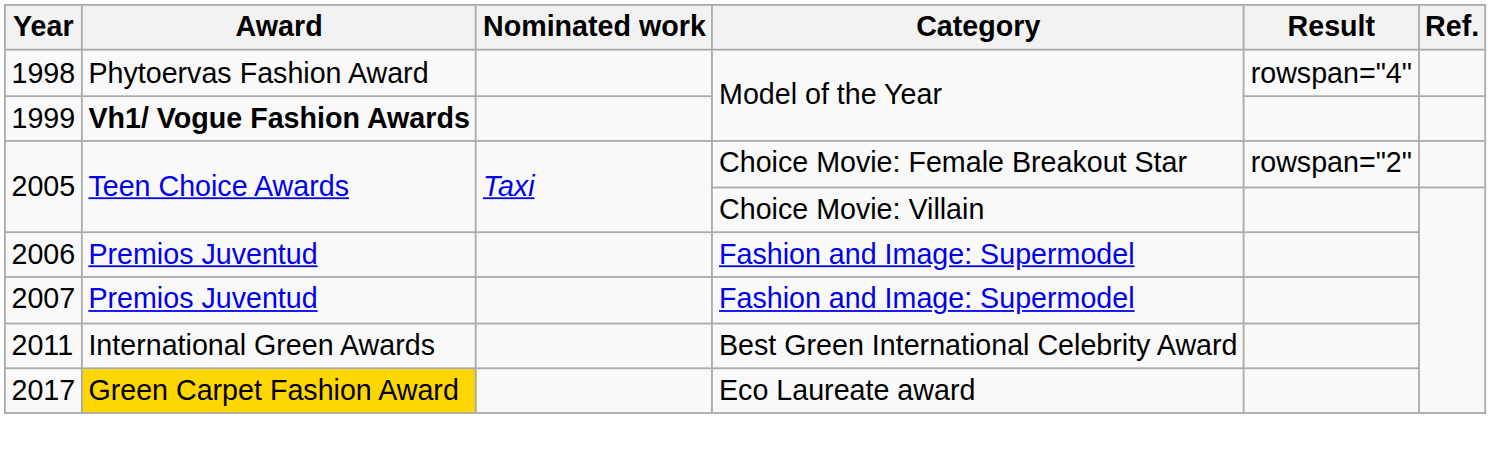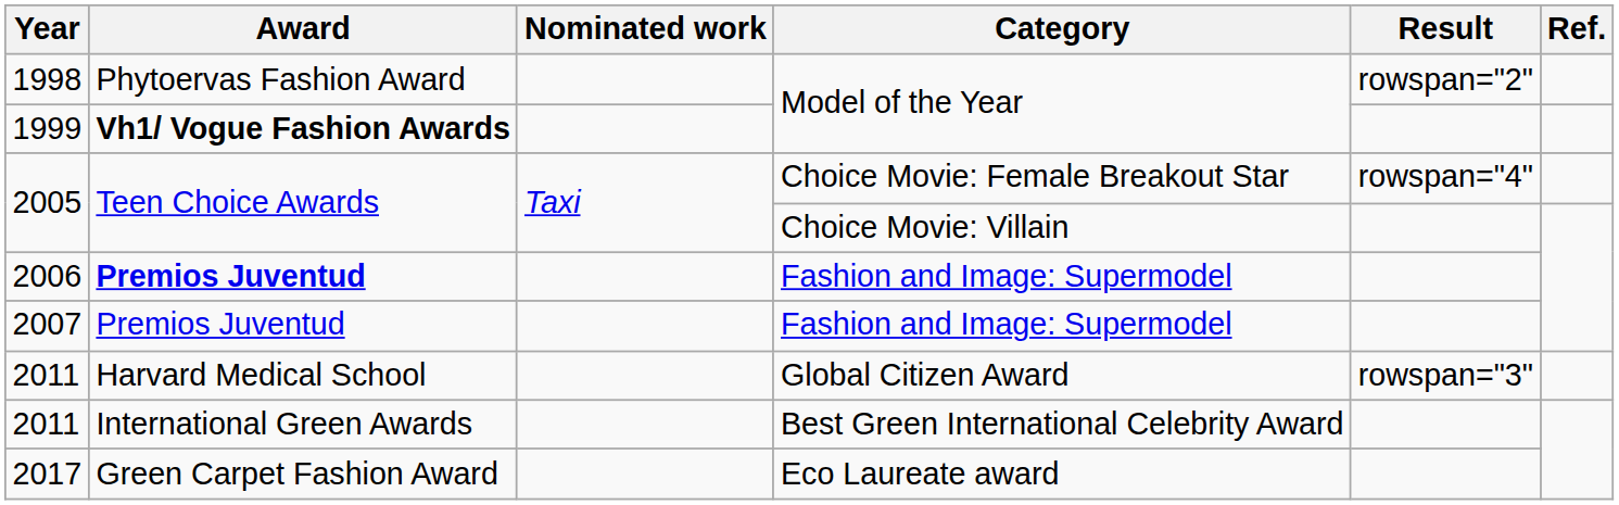 <table class="wikitable">
 <tr>
 <th>Year</th>
 <th>Award</th>
 <th>Nominated work</th>
 <th>Category</th>
 <th>Result</th>
 <th>Ref.</th>
 </tr>
 <tr>
 <td>1998</td>
 <td>Phytoervas Fashion Award</td>
 <td></td>
 <td rowspan="2">Model of the Year</td>
-<td>rowspan="4" </td>
+<td>rowspan="2" </td>
 <td></td>
 </tr>
 <tr>
 <td>1999</td>
 <td><strong>Vh1/ Vogue Fashion Awards</strong></td>
 <td></td>
 <td></td>
 </tr>
 <tr>
 <td rowspan="2">2005</td>
 <td rowspan="2"><a href='#'>Teen Choice Awards</a></td>
 <td rowspan="2"><em><a href='#'>Taxi</a></em></td>
 <td>Choice Movie: Female Breakout Star</td>
-<td>rowspan="2" </td>
+<td>rowspan="4" </td>
 <td></td>
 </tr>
 <tr>
 <td>Choice Movie: Villain</td>
 <td></td>
 </tr>
 <tr>
 <td>2006</td>
-<td><a href='#'>Premios Juventud</a></td>
+<td><strong><a href='#'>Premios Juventud</a></strong></td>
 <td></td>
 <td><a href='#'>Fashion and Image: Supermodel</a></td>
 <td></td>
 </tr>
 <tr>
 <td>2007</td>
 <td><a href='#'>Premios Juventud</a></td>
 <td></td>
 <td><a href='#'>Fashion and Image: Supermodel</a></td>
 <td></td>
 </tr>
 <tr>
 <td>2011</td>
+<td>Harvard Medical School</td>
+<td></td>
+<td>Global Citizen Award</td>
+<td>rowspan="3" </td>
+<td></td>
+</tr>
+<tr>
+<td>2011</td>
 <td>International Green Awards</td>
 <td></td>
 <td>Best Green International Celebrity Award</td>
 <td></td>
 </tr>
 <tr>
 <td>2017</td>
-<td style="background: gold;">Green Carpet Fashion Award</td>
+<td>Green Carpet Fashion Award</td>
 <td></td>
 <td>Eco Laureate award</td>
 <td></td>
 </tr>
 </table>
